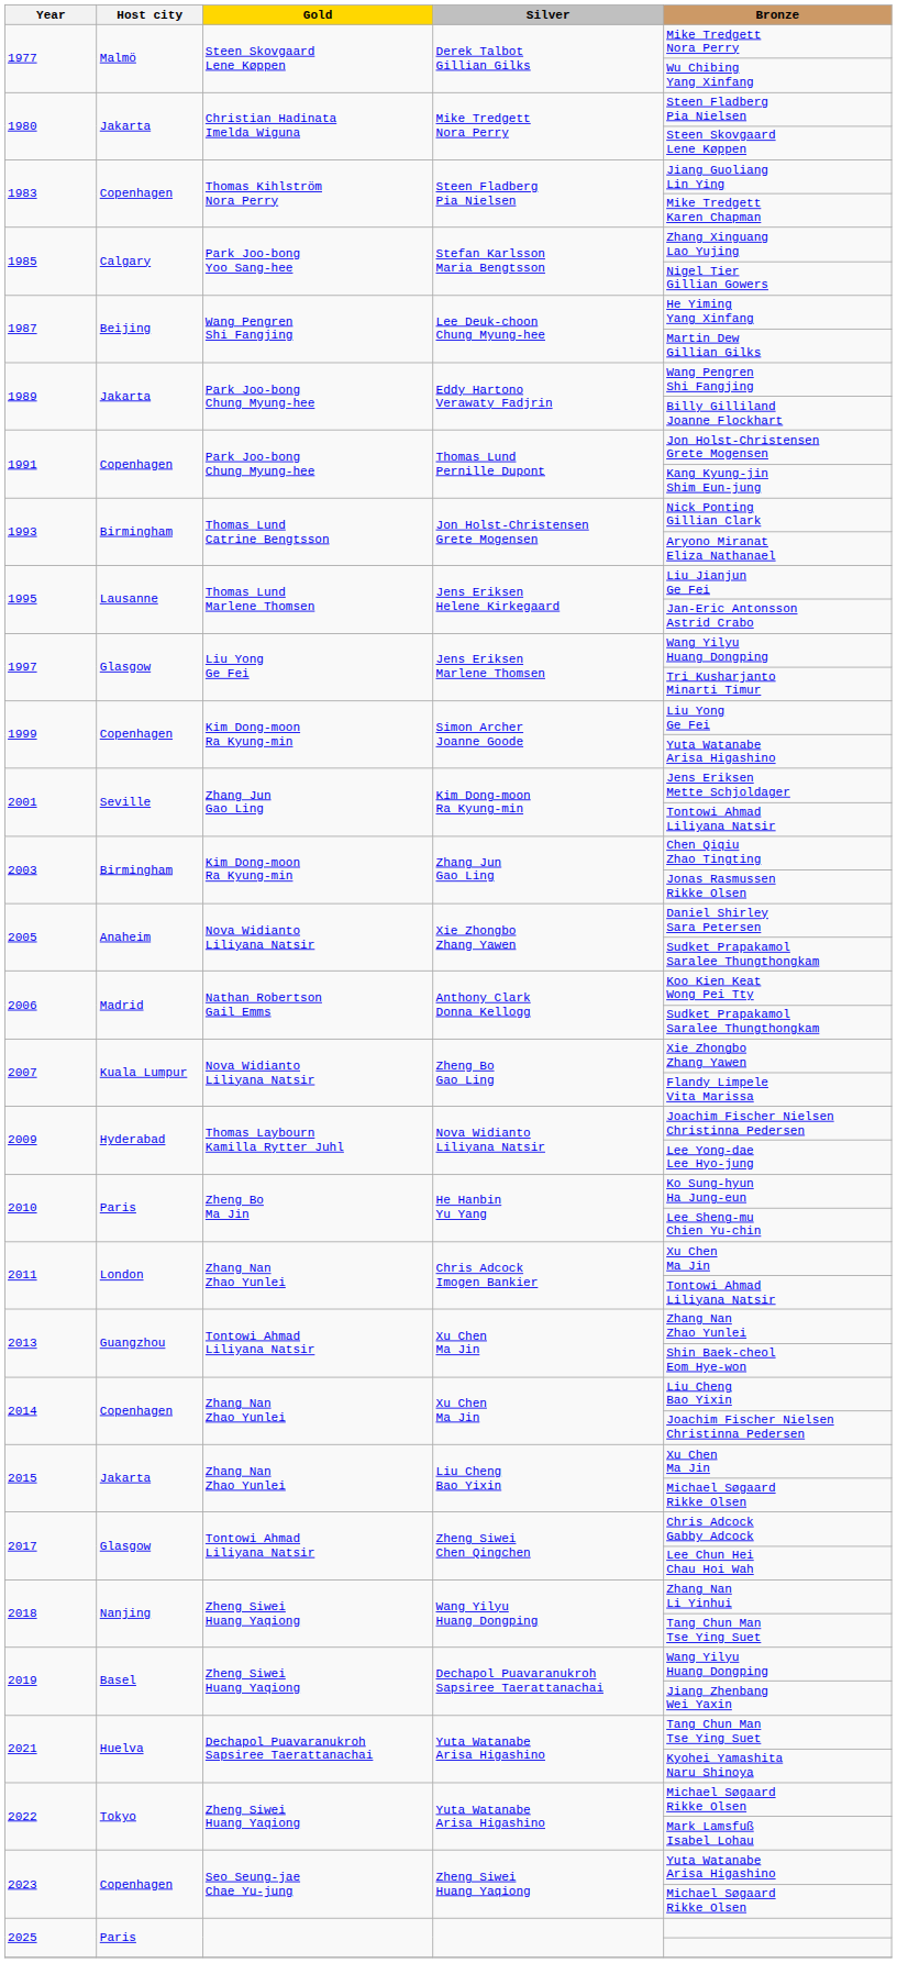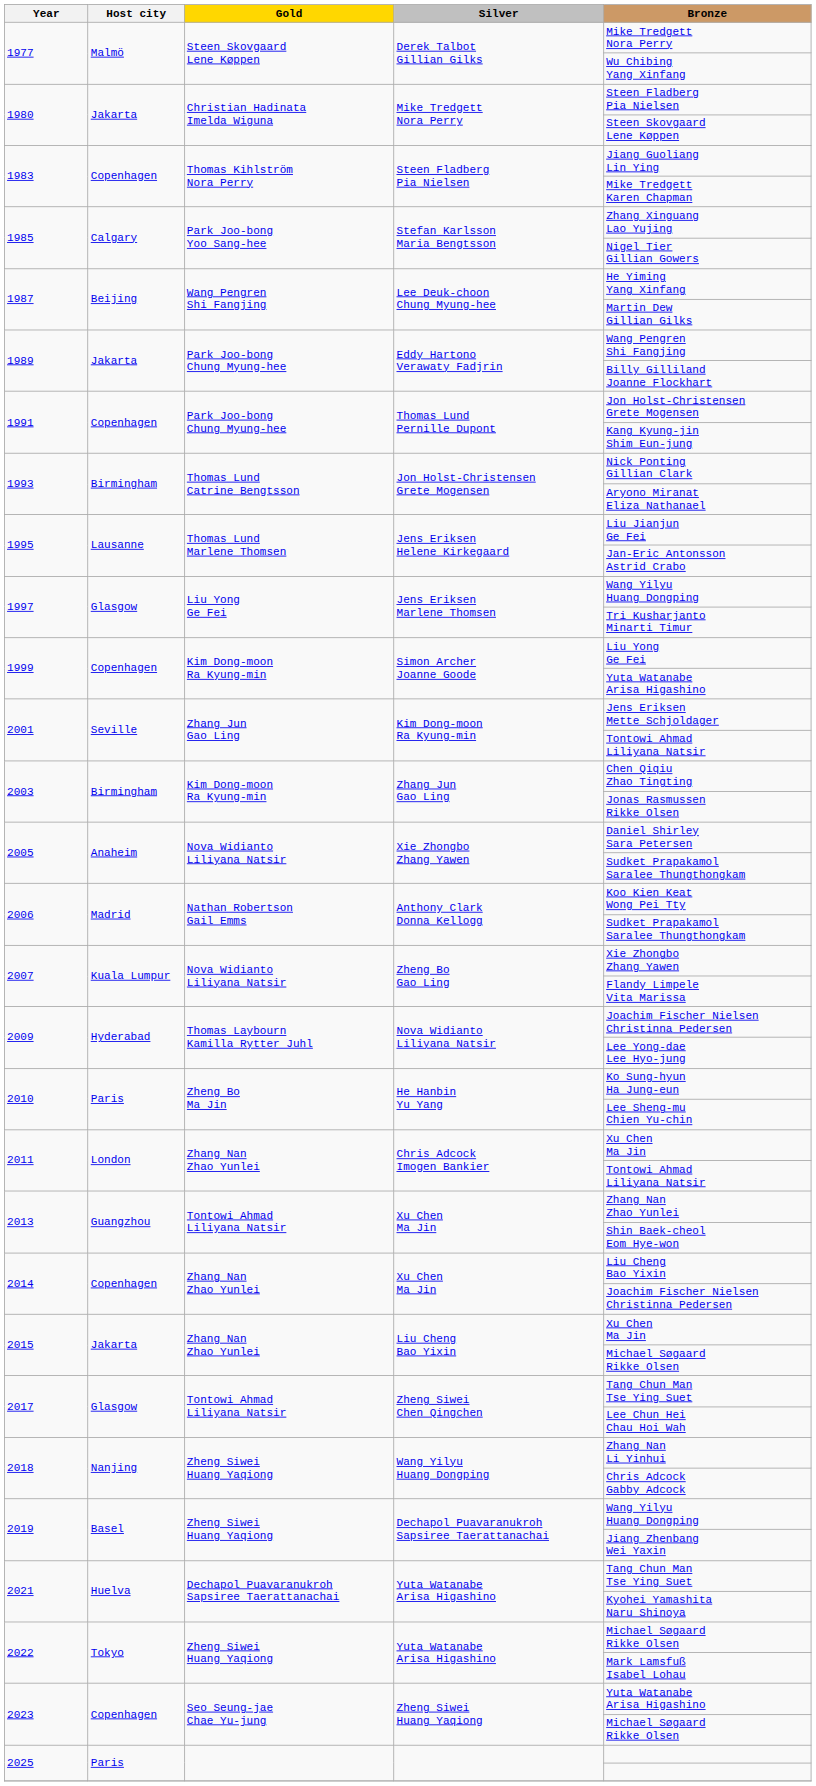 <table class="wikitable" style="text-align: left; width: 950px;">
 <tr>
 <th width="120">Year</th>
 <th width="120">Host city</th>
 <th width="300" style="background-color: gold">Gold</th>
 <th width="300" style="background-color: silver">Silver</th>
 <th width="300" style="background-color: #cc9966">Bronze</th>
 </tr>
 <tr>
 <td rowspan=2><a href='#'>1977</a></td>
 <td rowspan=2><a href='#'>Malmö</a></td>
 <td rowspan=2> <a href='#'>Steen Skovgaard</a><br> <a href='#'>Lene Køppen</a></td>
 <td rowspan=2> <a href='#'>Derek Talbot</a><br> <a href='#'>Gillian Gilks</a></td>
 <td> <a href='#'>Mike Tredgett</a><br> <a href='#'>Nora Perry</a></td>
 </tr>
 <tr>
 <td> <a href='#'>Wu Chibing</a><br> <a href='#'>Yang Xinfang</a></td>
 </tr>
 <tr>
 <td rowspan=2><a href='#'>1980</a></td>
 <td rowspan=2><a href='#'>Jakarta</a></td>
 <td rowspan=2> <a href='#'>Christian Hadinata</a><br> <a href='#'>Imelda Wiguna</a></td>
 <td rowspan=2> <a href='#'>Mike Tredgett</a><br> <a href='#'>Nora Perry</a></td>
 <td> <a href='#'>Steen Fladberg</a><br> <a href='#'>Pia Nielsen</a></td>
 </tr>
 <tr>
 <td> <a href='#'>Steen Skovgaard</a><br> <a href='#'>Lene Køppen</a></td>
 </tr>
 <tr>
 <td rowspan=2><a href='#'>1983</a></td>
 <td rowspan=2><a href='#'>Copenhagen</a></td>
 <td rowspan=2> <a href='#'>Thomas Kihlström</a><br> <a href='#'>Nora Perry</a></td>
 <td rowspan=2> <a href='#'>Steen Fladberg</a><br> <a href='#'>Pia Nielsen</a></td>
 <td> <a href='#'>Jiang Guoliang</a><br> <a href='#'>Lin Ying</a></td>
 </tr>
 <tr>
 <td> <a href='#'>Mike Tredgett</a><br> <a href='#'>Karen Chapman</a></td>
 </tr>
 <tr>
 <td rowspan=2><a href='#'>1985</a></td>
 <td rowspan=2><a href='#'>Calgary</a></td>
 <td rowspan=2> <a href='#'>Park Joo-bong</a><br> <a href='#'>Yoo Sang-hee</a></td>
 <td rowspan=2> <a href='#'>Stefan Karlsson</a><br> <a href='#'>Maria Bengtsson</a></td>
 <td> <a href='#'>Zhang Xinguang</a><br> <a href='#'>Lao Yujing</a></td>
 </tr>
 <tr>
 <td> <a href='#'>Nigel Tier</a><br> <a href='#'>Gillian Gowers</a></td>
 </tr>
 <tr>
 <td rowspan=2><a href='#'>1987</a></td>
 <td rowspan=2><a href='#'>Beijing</a></td>
 <td rowspan=2> <a href='#'>Wang Pengren</a><br> <a href='#'>Shi Fangjing</a></td>
 <td rowspan=2> <a href='#'>Lee Deuk-choon</a><br> <a href='#'>Chung Myung-hee</a></td>
 <td> <a href='#'>He Yiming</a><br> <a href='#'>Yang Xinfang</a></td>
 </tr>
 <tr>
 <td> <a href='#'>Martin Dew</a><br> <a href='#'>Gillian Gilks</a></td>
 </tr>
 <tr>
 <td rowspan=2><a href='#'>1989</a></td>
 <td rowspan=2><a href='#'>Jakarta</a></td>
 <td rowspan=2> <a href='#'>Park Joo-bong</a><br> <a href='#'>Chung Myung-hee</a></td>
 <td rowspan=2> <a href='#'>Eddy Hartono</a><br> <a href='#'>Verawaty Fadjrin</a></td>
 <td> <a href='#'>Wang Pengren</a><br> <a href='#'>Shi Fangjing</a></td>
 </tr>
 <tr>
 <td> <a href='#'>Billy Gilliland</a><br> <a href='#'>Joanne Flockhart</a></td>
 </tr>
 <tr>
 <td rowspan=2><a href='#'>1991</a></td>
 <td rowspan=2><a href='#'>Copenhagen</a></td>
 <td rowspan=2> <a href='#'>Park Joo-bong</a><br> <a href='#'>Chung Myung-hee</a></td>
 <td rowspan=2> <a href='#'>Thomas Lund</a><br> <a href='#'>Pernille Dupont</a></td>
 <td> <a href='#'>Jon Holst-Christensen</a><br> <a href='#'>Grete Mogensen</a></td>
 </tr>
 <tr>
 <td> <a href='#'>Kang Kyung-jin</a><br> <a href='#'>Shim Eun-jung</a></td>
 </tr>
 <tr>
 <td rowspan=2><a href='#'>1993</a></td>
 <td rowspan=2><a href='#'>Birmingham</a></td>
 <td rowspan=2> <a href='#'>Thomas Lund</a><br> <a href='#'>Catrine Bengtsson</a></td>
 <td rowspan=2> <a href='#'>Jon Holst-Christensen</a><br> <a href='#'>Grete Mogensen</a></td>
 <td> <a href='#'>Nick Ponting</a><br> <a href='#'>Gillian Clark</a></td>
 </tr>
 <tr>
 <td> <a href='#'>Aryono Miranat</a><br> <a href='#'>Eliza Nathanael</a></td>
 </tr>
 <tr>
 <td rowspan=2><a href='#'>1995</a></td>
 <td rowspan=2><a href='#'>Lausanne</a></td>
 <td rowspan=2> <a href='#'>Thomas Lund</a><br> <a href='#'>Marlene Thomsen</a></td>
 <td rowspan=2> <a href='#'>Jens Eriksen</a><br> <a href='#'>Helene Kirkegaard</a></td>
 <td> <a href='#'>Liu Jianjun</a><br> <a href='#'>Ge Fei</a></td>
 </tr>
 <tr>
 <td> <a href='#'>Jan-Eric Antonsson</a><br> <a href='#'>Astrid Crabo</a></td>
 </tr>
 <tr>
 <td rowspan=2><a href='#'>1997</a></td>
 <td rowspan=2><a href='#'>Glasgow</a></td>
 <td rowspan=2> <a href='#'>Liu Yong</a><br> <a href='#'>Ge Fei</a></td>
 <td rowspan=2> <a href='#'>Jens Eriksen</a><br> <a href='#'>Marlene Thomsen</a></td>
 <td> <a href='#'>Wang Yilyu</a><br> <a href='#'>Huang Dongping</a></td>
 </tr>
 <tr>
 <td> <a href='#'>Tri Kusharjanto</a><br> <a href='#'>Minarti Timur</a></td>
 </tr>
 <tr>
 <td rowspan=2><a href='#'>1999</a></td>
 <td rowspan=2><a href='#'>Copenhagen</a></td>
 <td rowspan=2> <a href='#'>Kim Dong-moon</a><br> <a href='#'>Ra Kyung-min</a></td>
 <td rowspan=2> <a href='#'>Simon Archer</a><br> <a href='#'>Joanne Goode</a></td>
 <td> <a href='#'>Liu Yong</a><br> <a href='#'>Ge Fei</a></td>
 </tr>
 <tr>
 <td> <a href='#'>Yuta Watanabe</a><br> <a href='#'>Arisa Higashino</a></td>
 </tr>
 <tr>
 <td rowspan=2><a href='#'>2001</a></td>
 <td rowspan=2><a href='#'>Seville</a></td>
 <td rowspan=2> <a href='#'>Zhang Jun</a><br> <a href='#'>Gao Ling</a></td>
 <td rowspan=2> <a href='#'>Kim Dong-moon</a><br> <a href='#'>Ra Kyung-min</a></td>
 <td> <a href='#'>Jens Eriksen</a><br> <a href='#'>Mette Schjoldager</a></td>
 </tr>
 <tr>
 <td> <a href='#'>Tontowi Ahmad</a><br> <a href='#'>Liliyana Natsir</a></td>
 </tr>
 <tr>
 <td rowspan=2><a href='#'>2003</a></td>
 <td rowspan=2><a href='#'>Birmingham</a></td>
 <td rowspan=2> <a href='#'>Kim Dong-moon</a><br> <a href='#'>Ra Kyung-min</a></td>
 <td rowspan=2> <a href='#'>Zhang Jun</a><br> <a href='#'>Gao Ling</a></td>
 <td> <a href='#'>Chen Qiqiu</a><br> <a href='#'>Zhao Tingting</a></td>
 </tr>
 <tr>
 <td> <a href='#'>Jonas Rasmussen</a><br> <a href='#'>Rikke Olsen</a></td>
 </tr>
 <tr>
 <td rowspan=2><a href='#'>2005</a></td>
 <td rowspan=2><a href='#'>Anaheim</a></td>
 <td rowspan=2> <a href='#'>Nova Widianto</a><br> <a href='#'>Liliyana Natsir</a></td>
 <td rowspan=2> <a href='#'>Xie Zhongbo</a><br> <a href='#'>Zhang Yawen</a></td>
 <td> <a href='#'>Daniel Shirley</a><br> <a href='#'>Sara Petersen</a></td>
 </tr>
 <tr>
 <td> <a href='#'>Sudket Prapakamol</a><br> <a href='#'>Saralee Thungthongkam</a></td>
 </tr>
 <tr>
 <td rowspan=2><a href='#'>2006</a></td>
 <td rowspan=2><a href='#'>Madrid</a></td>
 <td rowspan=2> <a href='#'>Nathan Robertson</a><br> <a href='#'>Gail Emms</a></td>
 <td rowspan=2> <a href='#'>Anthony Clark</a><br> <a href='#'>Donna Kellogg</a></td>
 <td> <a href='#'>Koo Kien Keat</a><br> <a href='#'>Wong Pei Tty</a></td>
 </tr>
 <tr>
 <td> <a href='#'>Sudket Prapakamol</a><br> <a href='#'>Saralee Thungthongkam</a></td>
 </tr>
 <tr>
 <td rowspan=2><a href='#'>2007</a></td>
 <td rowspan=2><a href='#'>Kuala Lumpur</a></td>
 <td rowspan=2> <a href='#'>Nova Widianto</a><br> <a href='#'>Liliyana Natsir</a></td>
 <td rowspan=2> <a href='#'>Zheng Bo</a><br> <a href='#'>Gao Ling</a></td>
 <td> <a href='#'>Xie Zhongbo</a><br> <a href='#'>Zhang Yawen</a></td>
 </tr>
 <tr>
 <td> <a href='#'>Flandy Limpele</a><br> <a href='#'>Vita Marissa</a></td>
 </tr>
 <tr>
 <td rowspan=2><a href='#'>2009</a></td>
 <td rowspan=2><a href='#'>Hyderabad</a></td>
 <td rowspan=2> <a href='#'>Thomas Laybourn</a><br> <a href='#'>Kamilla Rytter Juhl</a></td>
 <td rowspan=2> <a href='#'>Nova Widianto</a><br> <a href='#'>Liliyana Natsir</a></td>
 <td> <a href='#'>Joachim Fischer Nielsen</a><br> <a href='#'>Christinna Pedersen</a></td>
 </tr>
 <tr>
 <td> <a href='#'>Lee Yong-dae</a><br> <a href='#'>Lee Hyo-jung</a></td>
 </tr>
 <tr>
 <td rowspan=2><a href='#'>2010</a></td>
 <td rowspan=2><a href='#'>Paris</a></td>
 <td rowspan=2> <a href='#'>Zheng Bo</a><br> <a href='#'>Ma Jin</a></td>
 <td rowspan=2> <a href='#'>He Hanbin</a><br> <a href='#'>Yu Yang</a></td>
 <td> <a href='#'>Ko Sung-hyun</a><br> <a href='#'>Ha Jung-eun</a></td>
 </tr>
 <tr>
 <td> <a href='#'>Lee Sheng-mu</a><br> <a href='#'>Chien Yu-chin</a></td>
 </tr>
 <tr>
 <td rowspan=2><a href='#'>2011</a></td>
 <td rowspan=2><a href='#'>London</a></td>
 <td rowspan=2> <a href='#'>Zhang Nan</a><br> <a href='#'>Zhao Yunlei</a></td>
 <td rowspan=2> <a href='#'>Chris Adcock</a><br> <a href='#'>Imogen Bankier</a></td>
 <td> <a href='#'>Xu Chen</a><br> <a href='#'>Ma Jin</a></td>
 </tr>
 <tr>
 <td> <a href='#'>Tontowi Ahmad</a><br> <a href='#'>Liliyana Natsir</a></td>
 </tr>
 <tr>
 <td rowspan=2><a href='#'>2013</a></td>
 <td rowspan=2><a href='#'>Guangzhou</a></td>
 <td rowspan=2> <a href='#'>Tontowi Ahmad</a><br> <a href='#'>Liliyana Natsir</a></td>
 <td rowspan=2> <a href='#'>Xu Chen</a><br> <a href='#'>Ma Jin</a></td>
 <td> <a href='#'>Zhang Nan</a><br> <a href='#'>Zhao Yunlei</a></td>
 </tr>
 <tr>
 <td> <a href='#'>Shin Baek-cheol</a><br> <a href='#'>Eom Hye-won</a></td>
 </tr>
 <tr>
 <td rowspan=2><a href='#'>2014</a></td>
 <td rowspan=2><a href='#'>Copenhagen</a></td>
 <td rowspan=2> <a href='#'>Zhang Nan</a><br> <a href='#'>Zhao Yunlei</a></td>
 <td rowspan=2> <a href='#'>Xu Chen</a><br> <a href='#'>Ma Jin</a></td>
 <td> <a href='#'>Liu Cheng</a><br> <a href='#'>Bao Yixin</a></td>
 </tr>
 <tr>
 <td> <a href='#'>Joachim Fischer Nielsen</a><br> <a href='#'>Christinna Pedersen</a></td>
 </tr>
 <tr>
 <td rowspan=2><a href='#'>2015</a></td>
 <td rowspan=2><a href='#'>Jakarta</a></td>
 <td rowspan=2> <a href='#'>Zhang Nan</a><br> <a href='#'>Zhao Yunlei</a></td>
 <td rowspan=2> <a href='#'>Liu Cheng</a><br> <a href='#'>Bao Yixin</a></td>
 <td> <a href='#'>Xu Chen</a><br> <a href='#'>Ma Jin</a></td>
 </tr>
 <tr>
 <td> <a href='#'>Michael Søgaard</a><br> <a href='#'>Rikke Olsen</a></td>
 </tr>
 <tr>
 <td rowspan=2><a href='#'>2017</a></td>
 <td rowspan=2><a href='#'>Glasgow</a></td>
 <td rowspan=2> <a href='#'>Tontowi Ahmad</a><br> <a href='#'>Liliyana Natsir</a></td>
 <td rowspan=2> <a href='#'>Zheng Siwei</a><br> <a href='#'>Chen Qingchen</a></td>
-<td> <a href='#'>Chris Adcock</a><br> <a href='#'>Gabby Adcock</a></td>
+<td> <a href='#'>Tang Chun Man</a><br> <a href='#'>Tse Ying Suet</a></td>
 </tr>
 <tr>
 <td> <a href='#'>Lee Chun Hei</a><br> <a href='#'>Chau Hoi Wah</a></td>
 </tr>
 <tr>
 <td rowspan=2><a href='#'>2018</a></td>
 <td rowspan=2><a href='#'>Nanjing</a></td>
 <td rowspan=2> <a href='#'>Zheng Siwei</a><br> <a href='#'>Huang Yaqiong</a></td>
 <td rowspan=2> <a href='#'>Wang Yilyu</a><br> <a href='#'>Huang Dongping</a></td>
 <td> <a href='#'>Zhang Nan</a><br> <a href='#'>Li Yinhui</a></td>
 </tr>
 <tr>
-<td> <a href='#'>Tang Chun Man</a><br> <a href='#'>Tse Ying Suet</a></td>
+<td> <a href='#'>Chris Adcock</a><br> <a href='#'>Gabby Adcock</a></td>
 </tr>
 <tr>
 <td rowspan=2><a href='#'>2019</a></td>
 <td rowspan=2><a href='#'>Basel</a></td>
 <td rowspan=2> <a href='#'>Zheng Siwei</a><br> <a href='#'>Huang Yaqiong</a></td>
 <td rowspan=2> <a href='#'>Dechapol Puavaranukroh</a><br> <a href='#'>Sapsiree Taerattanachai</a></td>
 <td> <a href='#'>Wang Yilyu</a><br> <a href='#'>Huang Dongping</a></td>
 </tr>
 <tr>
 <td> <a href='#'>Jiang Zhenbang</a> <br> <a href='#'>Wei Yaxin</a></td>
 </tr>
 <tr>
 <td rowspan=2><a href='#'>2021</a></td>
 <td rowspan=2><a href='#'>Huelva</a></td>
 <td rowspan=2> <a href='#'>Dechapol Puavaranukroh</a><br> <a href='#'>Sapsiree Taerattanachai</a></td>
 <td rowspan=2> <a href='#'>Yuta Watanabe</a><br> <a href='#'>Arisa Higashino</a></td>
 <td> <a href='#'>Tang Chun Man</a><br> <a href='#'>Tse Ying Suet</a></td>
 </tr>
 <tr>
 <td> <a href='#'>Kyohei Yamashita</a><br> <a href='#'>Naru Shinoya</a></td>
 </tr>
 <tr>
 <td rowspan=2><a href='#'>2022</a></td>
 <td rowspan=2><a href='#'>Tokyo</a></td>
 <td rowspan=2> <a href='#'>Zheng Siwei</a><br> <a href='#'>Huang Yaqiong</a></td>
 <td rowspan=2> <a href='#'>Yuta Watanabe</a><br> <a href='#'>Arisa Higashino</a></td>
 <td> <a href='#'>Michael Søgaard</a><br> <a href='#'>Rikke Olsen</a></td>
 </tr>
 <tr>
 <td> <a href='#'>Mark Lamsfuß</a><br> <a href='#'>Isabel Lohau</a></td>
 </tr>
 <tr>
 <td rowspan=2><a href='#'>2023</a></td>
 <td rowspan=2><a href='#'>Copenhagen</a></td>
 <td rowspan=2> <a href='#'>Seo Seung-jae</a> <br> <a href='#'>Chae Yu-jung</a></td>
 <td rowspan=2> <a href='#'>Zheng Siwei</a> <br> <a href='#'>Huang Yaqiong</a></td>
 <td> <a href='#'>Yuta Watanabe</a><br> <a href='#'>Arisa Higashino</a></td>
 </tr>
 <tr>
 <td> <a href='#'>Michael Søgaard</a><br> <a href='#'>Rikke Olsen</a></td>
 </tr>
 <tr>
 <td rowspan=2><a href='#'>2025</a></td>
 <td rowspan=2><a href='#'>Paris</a></td>
 <td rowspan=2> <br></td>
 <td rowspan=2> <br></td>
 <td> <br></td>
 </tr>
 <tr>
 <td> <br></td>
 </tr>
 <tr>
 </tr>
 </table>
